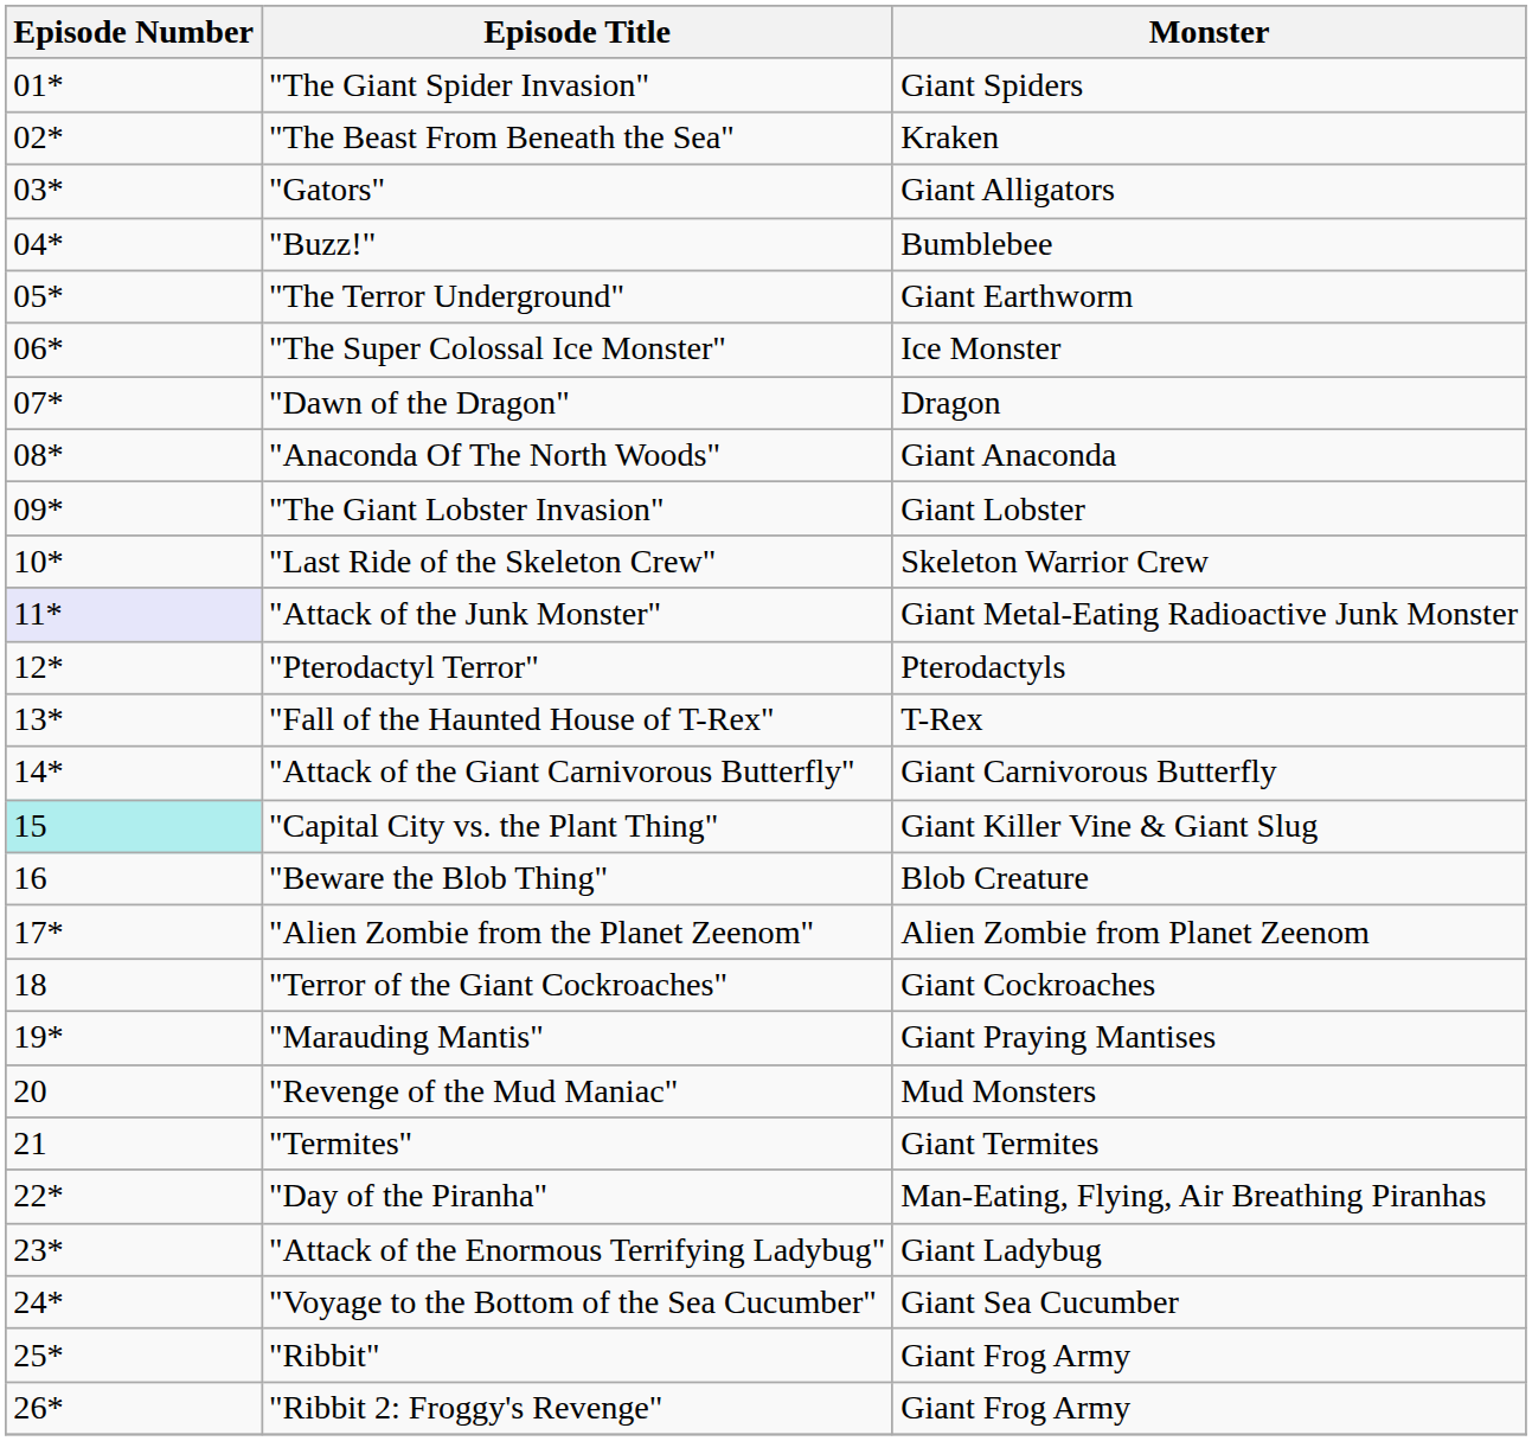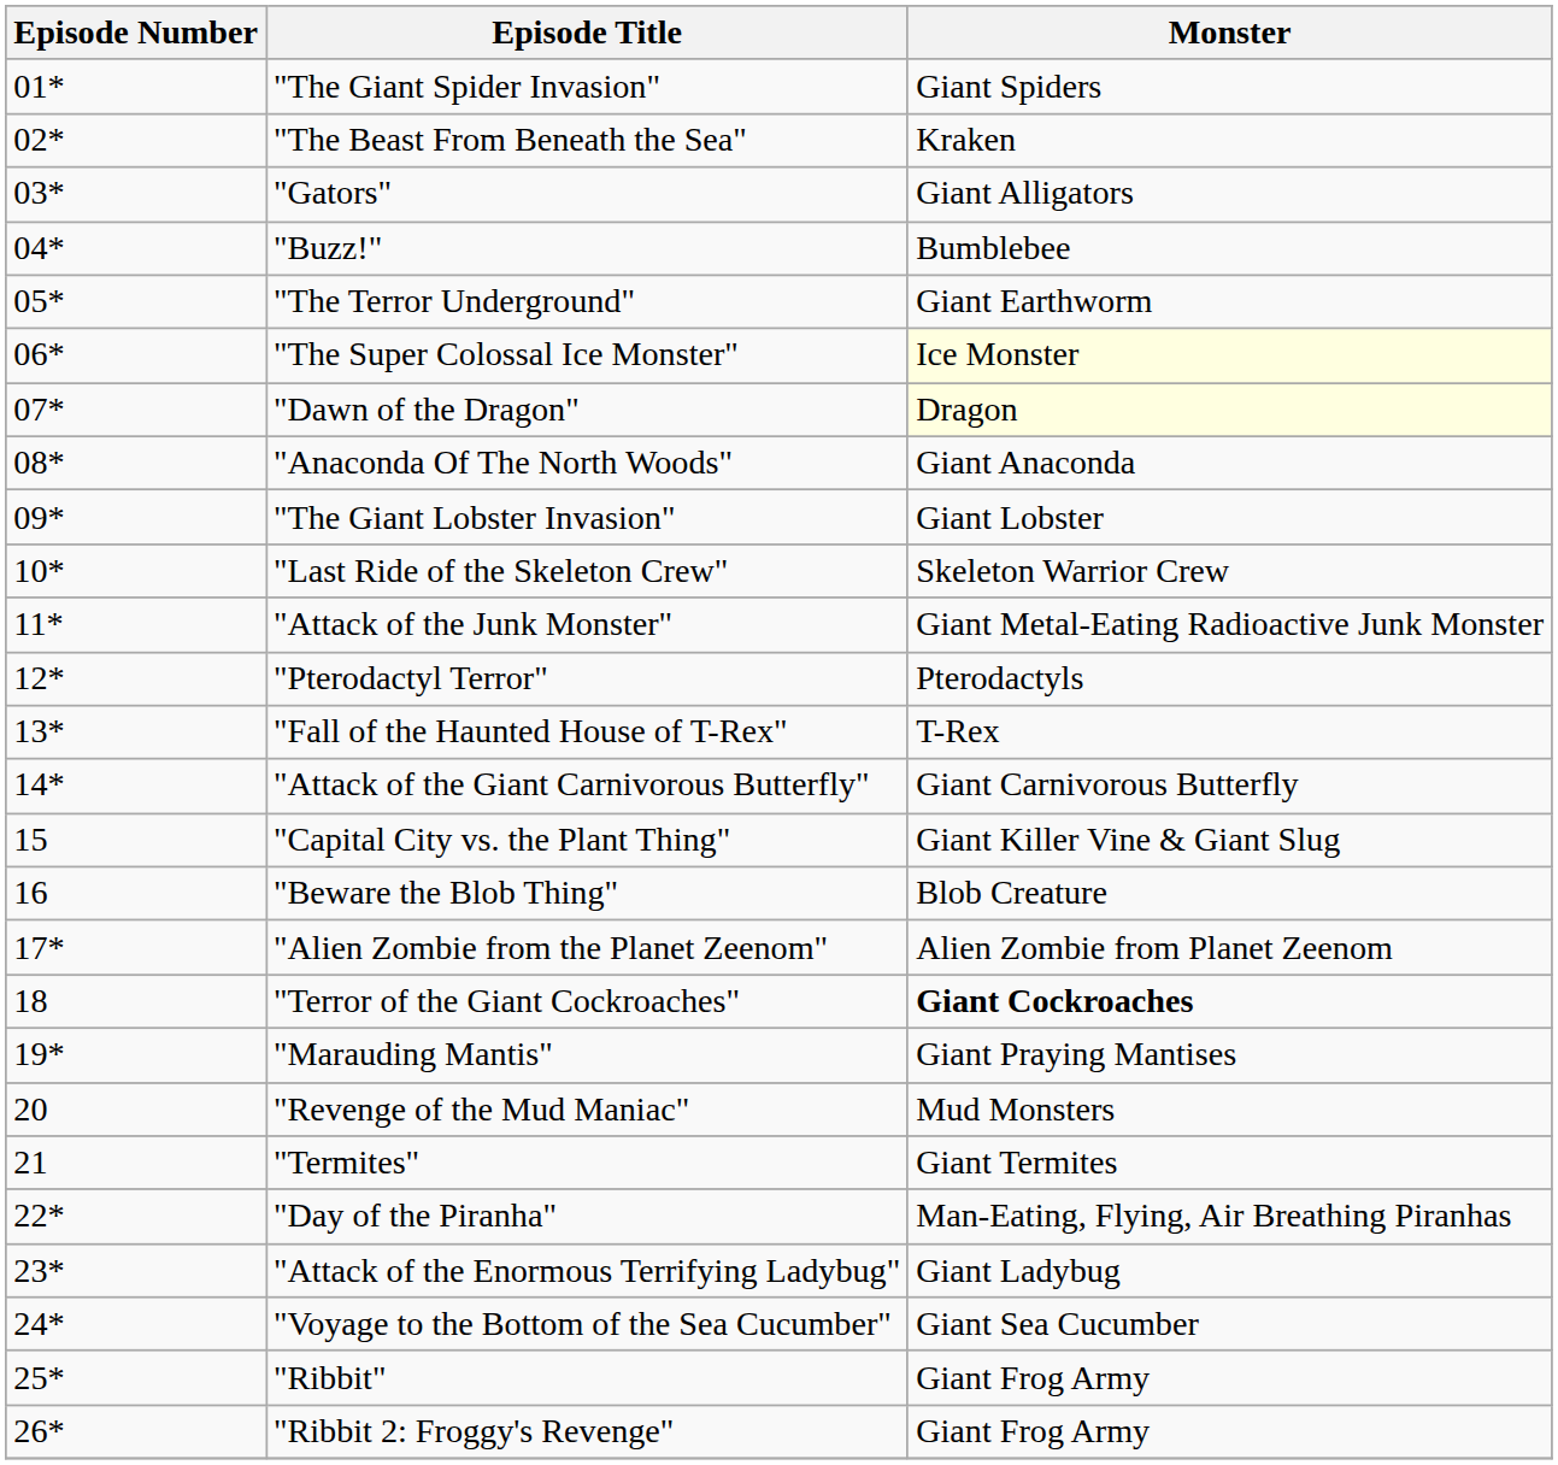 <table class="wikitable">
 <tr>
 <th>Episode Number</th>
 <th>Episode Title</th>
 <th>Monster</th>
 </tr>
 <tr>
 <td>01*</td>
 <td>"The Giant Spider Invasion"</td>
 <td>Giant Spiders</td>
 </tr>
 <tr>
 <td>02*</td>
 <td>"The Beast From Beneath the Sea"</td>
 <td>Kraken</td>
 </tr>
 <tr>
 <td>03*</td>
 <td>"Gators"</td>
 <td>Giant Alligators</td>
 </tr>
 <tr>
 <td>04*</td>
 <td>"Buzz!"</td>
 <td>Bumblebee</td>
 </tr>
 <tr>
 <td>05*</td>
 <td>"The Terror Underground"</td>
 <td>Giant Earthworm</td>
 </tr>
 <tr>
 <td>06*</td>
 <td>"The Super Colossal Ice Monster"</td>
-<td>Ice Monster</td>
+<td style="background: lightyellow;">Ice Monster</td>
 </tr>
 <tr>
 <td>07*</td>
 <td>"Dawn of the Dragon"</td>
-<td>Dragon</td>
+<td style="background: lightyellow;">Dragon</td>
 </tr>
 <tr>
 <td>08*</td>
 <td>"Anaconda Of The North Woods"</td>
 <td>Giant Anaconda</td>
 </tr>
 <tr>
 <td>09*</td>
 <td>"The Giant Lobster Invasion"</td>
 <td>Giant Lobster</td>
 </tr>
 <tr>
 <td>10*</td>
 <td>"Last Ride of the Skeleton Crew"</td>
 <td>Skeleton Warrior Crew</td>
 </tr>
 <tr>
-<td style="background: lavender;">11*</td>
+<td>11*</td>
 <td>"Attack of the Junk Monster"</td>
 <td>Giant Metal-Eating Radioactive Junk Monster</td>
 </tr>
 <tr>
 <td>12*</td>
 <td>"Pterodactyl Terror"</td>
 <td>Pterodactyls</td>
 </tr>
 <tr>
 <td>13*</td>
 <td>"Fall of the Haunted House of T-Rex"</td>
 <td>T-Rex</td>
 </tr>
 <tr>
 <td>14*</td>
 <td>"Attack of the Giant Carnivorous Butterfly"</td>
 <td>Giant Carnivorous Butterfly</td>
 </tr>
 <tr>
-<td style="background: paleturquoise;">15</td>
+<td>15</td>
 <td>"Capital City vs. the Plant Thing"</td>
 <td>Giant Killer Vine & Giant Slug</td>
 </tr>
 <tr>
 <td>16</td>
 <td>"Beware the Blob Thing"</td>
 <td>Blob Creature</td>
 </tr>
 <tr>
 <td>17*</td>
 <td>"Alien Zombie from the Planet Zeenom"</td>
 <td>Alien Zombie from Planet Zeenom</td>
 </tr>
 <tr>
 <td>18</td>
 <td>"Terror of the Giant Cockroaches"</td>
-<td>Giant Cockroaches</td>
+<td><strong>Giant Cockroaches</strong></td>
 </tr>
 <tr>
 <td>19*</td>
 <td>"Marauding Mantis"</td>
 <td>Giant Praying Mantises</td>
 </tr>
 <tr>
 <td>20</td>
 <td>"Revenge of the Mud Maniac"</td>
 <td>Mud Monsters</td>
 </tr>
 <tr>
 <td>21</td>
 <td>"Termites"</td>
 <td>Giant Termites</td>
 </tr>
 <tr>
 <td>22*</td>
 <td>"Day of the Piranha"</td>
 <td>Man-Eating, Flying, Air Breathing Piranhas</td>
 </tr>
 <tr>
 <td>23*</td>
 <td>"Attack of the Enormous Terrifying Ladybug"</td>
 <td>Giant Ladybug</td>
 </tr>
 <tr>
 <td>24*</td>
 <td>"Voyage to the Bottom of the Sea Cucumber"</td>
 <td>Giant Sea Cucumber</td>
 </tr>
 <tr>
 <td>25*</td>
 <td>"Ribbit"</td>
 <td>Giant Frog Army</td>
 </tr>
 <tr>
 <td>26*</td>
 <td>"Ribbit 2: Froggy's Revenge"</td>
 <td>Giant Frog Army</td>
 </tr>
 <tr>
 </tr>
 </table>
